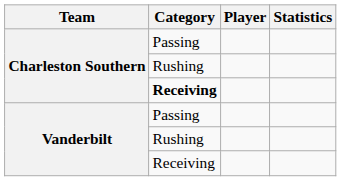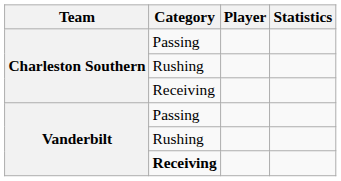 <table class="wikitable" style="float:right">
 <tr>
 <th>Team</th>
 <th>Category</th>
 <th>Player</th>
 <th>Statistics</th>
 </tr>
 <tr>
 <th rowspan=3>Charleston Southern</th>
 <td>Passing</td>
 <td></td>
 <td></td>
 </tr>
 <tr>
 <td>Rushing</td>
 <td></td>
 <td></td>
 </tr>
 <tr>
-<td><strong>Receiving</strong></td>
+<td>Receiving</td>
 <td></td>
 <td></td>
 </tr>
 <tr>
 <th rowspan=3>Vanderbilt</th>
 <td>Passing</td>
 <td></td>
 <td></td>
 </tr>
 <tr>
 <td>Rushing</td>
 <td></td>
 <td></td>
 </tr>
 <tr>
-<td>Receiving</td>
+<td><strong>Receiving</strong></td>
 <td></td>
 <td></td>
 </tr>
 </table>
